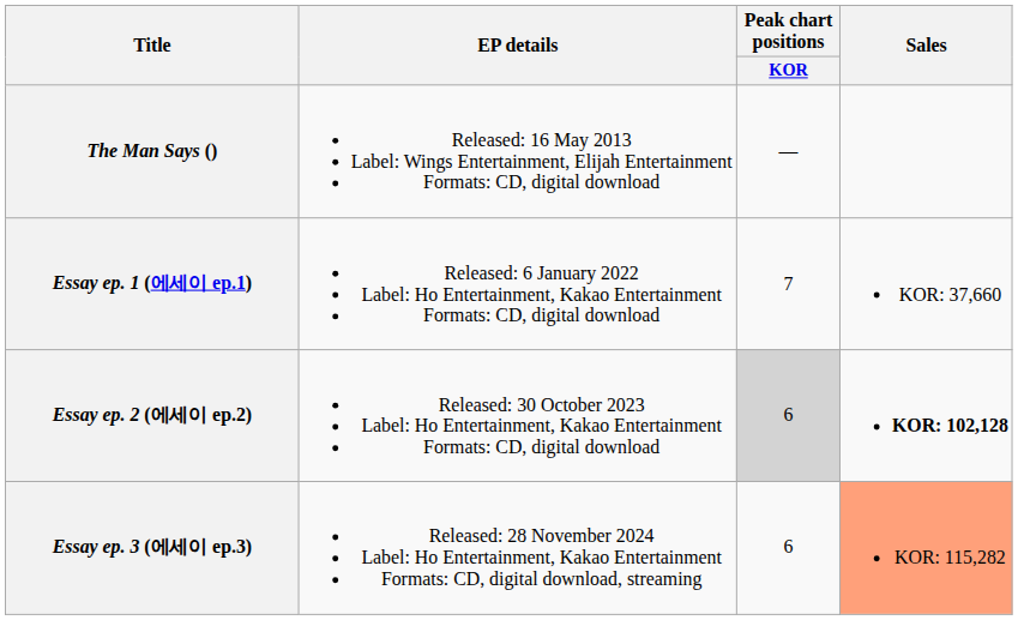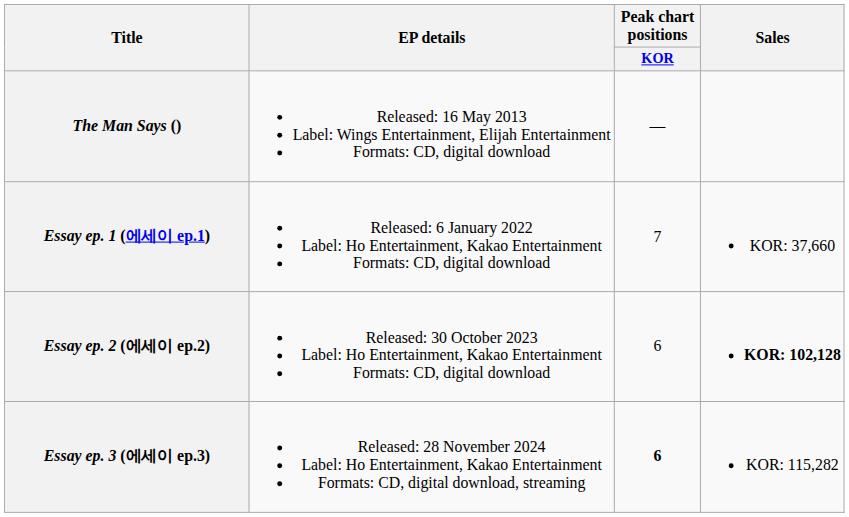 <table class="wikitable plainrowheaders" style="text-align:center;">
 <tr>
 <th scope="col" rowspan="2" style="width:15em;">Title</th>
 <th scope="col" rowspan="2">EP details</th>
 <th scope="col" colspan="1" style="width:5em;">Peak chart positions</th>
 <th scope="col" rowspan="2">Sales</th>
 </tr>
 <tr>
 <th scope="col" style="width:3em;font-size:90%"><a href='#'>KOR</a><br></th>
 </tr>
 <tr>
 <th scope="row"><em>The Man Says</em> ()</th>
 <td><br><ul><li>Released: 16 May 2013</li><li>Label: Wings Entertainment, Elijah Entertainment</li><li>Formats: CD, digital download</li></ul></td>
 <td>—</td>
 <td></td>
 </tr>
 <tr>
 <th scope="row"><em>Essay ep. 1</em> (<a href='#'>에세이 ep.1</a>)</th>
 <td><br><ul><li>Released: 6 January 2022</li><li>Label: Ho Entertainment, Kakao Entertainment</li><li>Formats: CD, digital download</li></ul></td>
 <td>7</td>
 <td><br><ul><li>KOR: 37,660</li></ul></td>
 </tr>
 <tr>
 <th scope="row"><em>Essay ep. 2</em> (에세이 ep.2)</th>
 <td><br><ul><li>Released: 30 October 2023</li><li>Label: Ho Entertainment, Kakao Entertainment</li><li>Formats: CD, digital download</li></ul></td>
-<td style="background: lightgrey;">6</td>
+<td>6</td>
 <td><strong><br><ul><li>KOR: 102,128</li></ul></strong></td>
 </tr>
 <tr>
 <th scope="row"><em>Essay ep. 3</em> (에세이 ep.3)</th>
 <td><br><ul><li>Released: 28 November 2024</li><li>Label: Ho Entertainment, Kakao Entertainment</li><li>Formats: CD, digital download, streaming</li></ul></td>
-<td>6</td>
-<td style="background: lightsalmon;"><br><ul><li>KOR: 115,282</li></ul></td>
+<td><strong>6</strong></td>
+<td><br><ul><li>KOR: 115,282</li></ul></td>
 </tr>
 </table>
